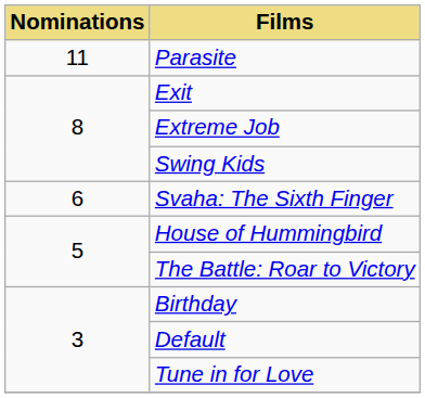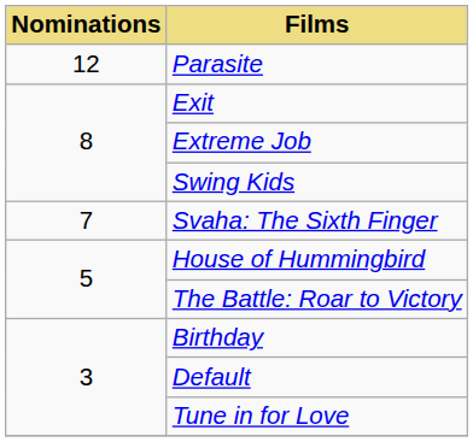 <table class="wikitable" align="center" |>
 <tr>
 <th style="background:#EEDD82;" ! align="center">Nominations</th>
 <th style="background:#EEDD82;" ! align="center">Films</th>
 </tr>
 <tr>
-<td style="text-align:center">11</td>
+<td style="text-align:center">12</td>
 <td><em><a href='#'> Parasite</a></em></td>
 </tr>
 <tr>
 <td rowspan="3" style="text-align:center">8</td>
 <td><em><a href='#'> Exit</a></em></td>
 </tr>
 <tr>
 <td><em><a href='#'>Extreme Job</a></em></td>
 </tr>
 <tr>
 <td><em><a href='#'> Swing Kids</a></em></td>
 </tr>
 <tr>
-<td style="text-align:center">6</td>
+<td style="text-align:center">7</td>
 <td><em><a href='#'>Svaha: The Sixth Finger</a></em></td>
 </tr>
 <tr>
 <td rowspan="2" style="text-align:center">5</td>
 <td><em><a href='#'>House of Hummingbird</a></em></td>
 </tr>
 <tr>
 <td><em><a href='#'>The Battle: Roar to Victory</a></em></td>
 </tr>
 <tr>
 <td rowspan="3" style="text-align:center">3</td>
 <td><em><a href='#'> Birthday</a></em></td>
 </tr>
 <tr>
 <td><em><a href='#'>Default</a></em></td>
 </tr>
 <tr>
 <td><em><a href='#'>Tune in for Love</a></em></td>
 </tr>
 <tr>
 </tr>
 </table>
